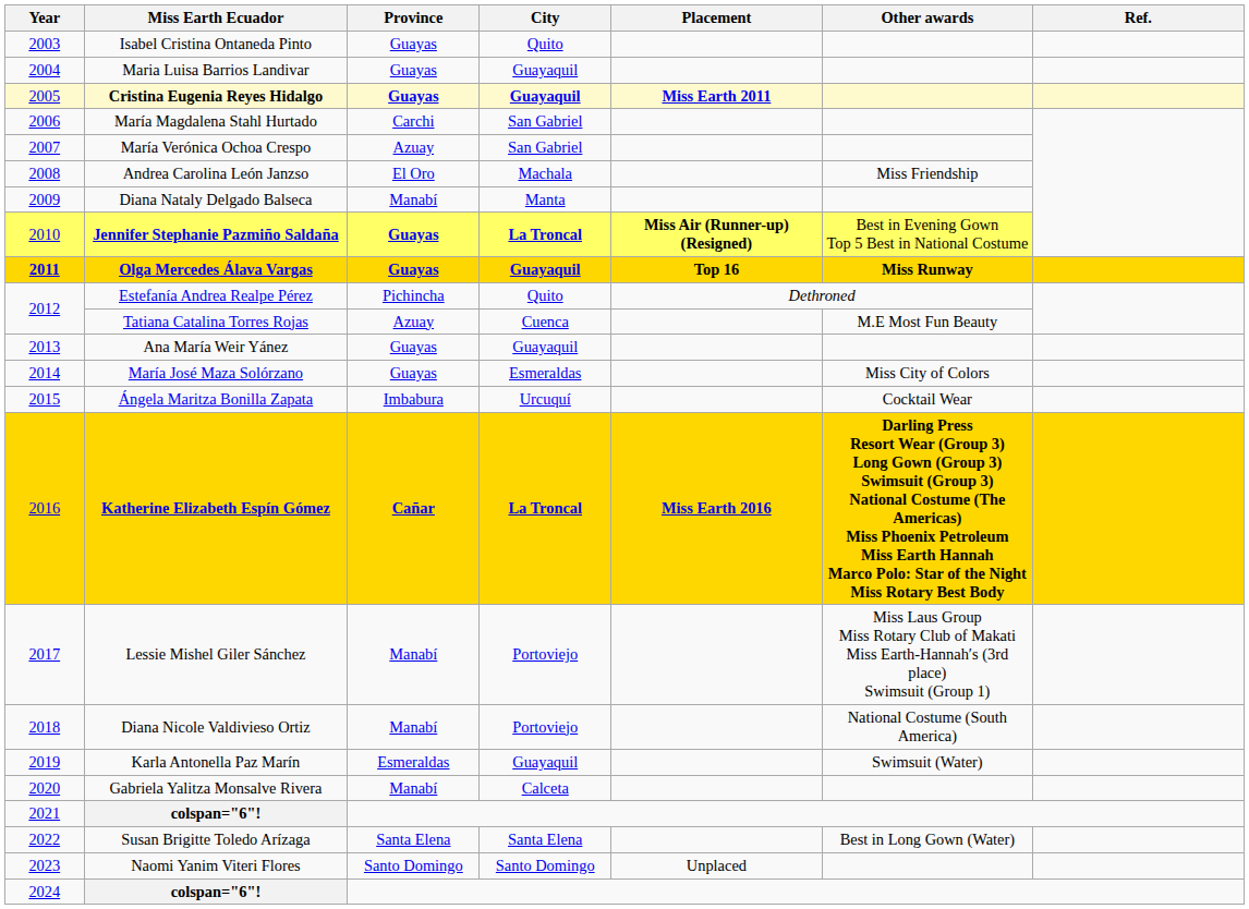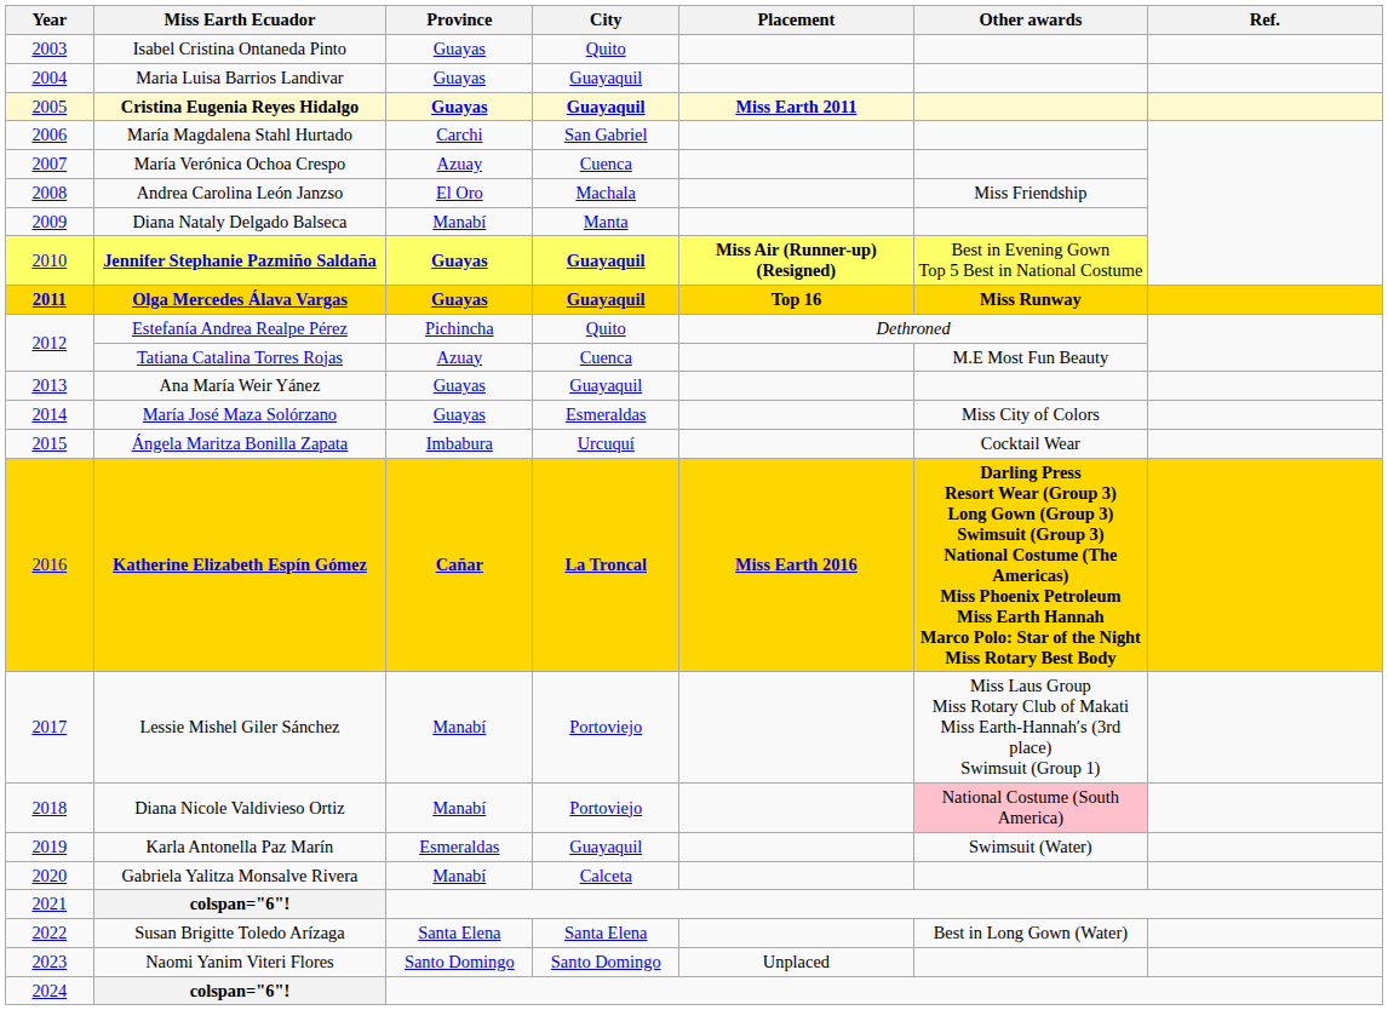 <table class="wikitable" style="text-align:center; font-size:90%; line-height:17px; width:90%;">
 <tr>
 <th style="width:06%;" scope="col">Year</th>
 <th style="width:20%;" scope="col">Miss Earth Ecuador</th>
 <th style="width:10%;" scope="col">Province</th>
 <th style="width:10%;" scope="col">City</th>
 <th style="width:16%;" scope="col">Placement</th>
 <th style="width:16%;" scope="col">Other awards</th>
 <th style="width:16%;" scope="col">Ref.</th>
 </tr>
 <tr>
 <td><a href='#'>2003</a></td>
 <td>Isabel Cristina Ontaneda Pinto</td>
 <td><a href='#'>Guayas</a></td>
 <td><a href='#'>Quito</a></td>
 <td></td>
 <td></td>
 <td></td>
 </tr>
 <tr>
 <td><a href='#'>2004</a></td>
 <td>Maria Luisa Barrios Landivar</td>
 <td><a href='#'>Guayas</a></td>
 <td><a href='#'>Guayaquil</a></td>
 <td></td>
 <td></td>
 <td></td>
 </tr>
 <tr style="background-color:#FFFACD;">
 <td><a href='#'>2005</a></td>
 <td><strong>Cristina Eugenia Reyes Hidalgo</strong></td>
 <td><strong><a href='#'>Guayas</a></strong></td>
 <td><strong><a href='#'>Guayaquil</a></strong></td>
 <td><strong><a href='#'>Miss Earth 2011</a></strong></td>
 <td></td>
 <td></td>
 </tr>
 <tr>
 <td><a href='#'>2006</a></td>
 <td>María Magdalena Stahl Hurtado</td>
 <td><a href='#'>Carchi</a></td>
 <td><a href='#'>San Gabriel</a></td>
 <td></td>
 <td></td>
 </tr>
 <tr>
 <td><a href='#'>2007</a></td>
 <td>María Verónica Ochoa Crespo</td>
 <td><a href='#'>Azuay</a></td>
-<td><a href='#'>San Gabriel</a></td>
+<td><a href='#'>Cuenca</a></td>
 <td></td>
 <td></td>
 </tr>
 <tr>
 <td><a href='#'>2008</a></td>
 <td>Andrea Carolina León Janzso</td>
 <td><a href='#'>El Oro</a></td>
 <td><a href='#'>Machala</a></td>
 <td></td>
 <td>Miss Friendship</td>
 </tr>
 <tr>
 <td><a href='#'>2009</a></td>
 <td>Diana Nataly Delgado Balseca</td>
 <td><a href='#'>Manabí</a></td>
 <td><a href='#'>Manta</a></td>
 <td></td>
 <td></td>
 </tr>
 <tr style="background-color:#FFFF66;">
 <td><a href='#'>2010</a></td>
 <td><strong><a href='#'>Jennifer Stephanie Pazmiño Saldaña</a></strong></td>
 <td><a href='#'><strong>Guayas</strong></a></td>
-<td><a href='#'><strong>La Troncal</strong></a></td>
+<td><strong><a href='#'>Guayaquil</a></strong></td>
 <td><strong>Miss Air (Runner-up) (Resigned)</strong></td>
 <td>Best in Evening Gown<br>Top 5 Best in National Costume</td>
 </tr>
 <tr style="background-color:gold; font-weight: bold">
 <td><a href='#'>2011</a></td>
 <td><a href='#'><strong>Olga Mercedes Álava Vargas</strong></a></td>
 <td><a href='#'><strong>Guayas</strong></a></td>
 <td><strong><a href='#'>Guayaquil</a></strong></td>
 <td><strong>Top 16</strong></td>
 <td><strong>Miss Runway</strong></td>
 <td></td>
 </tr>
 <tr>
 <td rowspan="2"><a href='#'>2012</a></td>
 <td><a href='#'>Estefanía Andrea Realpe Pérez</a></td>
 <td><a href='#'>Pichincha</a></td>
 <td><a href='#'>Quito</a></td>
 <td colspan="2"><em>Dethroned</em></td>
 <td rowspan="2"></td>
 </tr>
 <tr>
 <td><a href='#'>Tatiana Catalina Torres Rojas</a></td>
 <td><a href='#'>Azuay</a></td>
 <td><a href='#'>Cuenca</a></td>
 <td></td>
 <td> M.E Most Fun Beauty</td>
 </tr>
 <tr>
 <td><a href='#'>2013</a></td>
 <td>Ana María Weir Yánez</td>
 <td><a href='#'>Guayas</a></td>
 <td><a href='#'>Guayaquil</a></td>
 <td></td>
 <td></td>
 <td></td>
 </tr>
 <tr>
 <td><a href='#'>2014</a></td>
 <td><a href='#'>María José Maza Solórzano</a></td>
 <td><a href='#'>Guayas</a></td>
 <td><a href='#'>Esmeraldas</a></td>
 <td></td>
 <td>Miss City of Colors</td>
 <td></td>
 </tr>
 <tr>
 <td><a href='#'>2015</a></td>
 <td><a href='#'>Ángela Maritza Bonilla Zapata</a></td>
 <td><a href='#'>Imbabura</a></td>
 <td><a href='#'>Urcuquí</a></td>
 <td></td>
 <td> Cocktail Wear</td>
 <td></td>
 </tr>
 <tr style="background-color:gold;">
 <td><a href='#'>2016</a></td>
 <td><strong><a href='#'>Katherine Elizabeth Espín Gómez</a></strong></td>
 <td><a href='#'><strong>Cañar</strong></a></td>
 <td><a href='#'><strong>La Troncal</strong></a></td>
 <td><strong><a href='#'>Miss Earth 2016</a></strong></td>
 <td><strong> Darling Press <br>  Resort Wear (Group 3) <br>  Long Gown (Group 3) <br> Swimsuit (Group 3) <br>  National Costume (The Americas) <br> Miss Phoenix Petroleum <br> Miss Earth Hannah <br> Marco Polo: Star of the Night <br> Miss Rotary Best Body</strong></td>
 <td></td>
 </tr>
 <tr>
 <td><a href='#'>2017</a></td>
 <td>Lessie Mishel Giler Sánchez</td>
 <td><a href='#'>Manabí</a></td>
 <td><a href='#'>Portoviejo</a></td>
 <td></td>
 <td>Miss Laus Group <br> Miss Rotary Club of Makati <br> Miss Earth-Hannah′s (3rd place) <br>  Swimsuit (Group 1)</td>
 <td></td>
 </tr>
 <tr>
 <td><a href='#'>2018</a></td>
 <td>Diana Nicole Valdivieso Ortiz</td>
 <td><a href='#'>Manabí</a></td>
 <td><a href='#'>Portoviejo</a></td>
 <td></td>
-<td> National Costume (South America)</td>
+<td style="background: pink;"> National Costume (South America)</td>
 <td></td>
 </tr>
 <tr>
 <td><a href='#'>2019</a></td>
 <td>Karla Antonella Paz Marín</td>
 <td><a href='#'>Esmeraldas</a></td>
 <td><a href='#'>Guayaquil</a></td>
 <td></td>
 <td> Swimsuit (Water)</td>
 <td></td>
 </tr>
 <tr>
 <td><a href='#'>2020</a></td>
 <td>Gabriela Yalitza Monsalve Rivera</td>
 <td><a href='#'>Manabí</a></td>
 <td><a href='#'>Calceta</a></td>
 <td></td>
 <td></td>
 <td></td>
 </tr>
 <tr>
 <td><a href='#'>2021</a></td>
 <th>colspan="6"!</th>
 </tr>
 <tr>
 <td><a href='#'>2022</a></td>
 <td>Susan Brigitte Toledo Arízaga</td>
 <td><a href='#'>Santa Elena</a></td>
 <td><a href='#'>Santa Elena</a></td>
 <td></td>
 <td> Best in Long Gown (Water)</td>
 <td></td>
 </tr>
 <tr>
 <td><a href='#'>2023</a></td>
 <td>Naomi Yanim Viteri Flores</td>
 <td><a href='#'>Santo Domingo</a></td>
 <td><a href='#'>Santo Domingo</a></td>
 <td>Unplaced</td>
 <td></td>
 <td></td>
 </tr>
 <tr>
 <td><a href='#'>2024</a></td>
 <th>colspan="6"!</th>
 </tr>
 </table>
